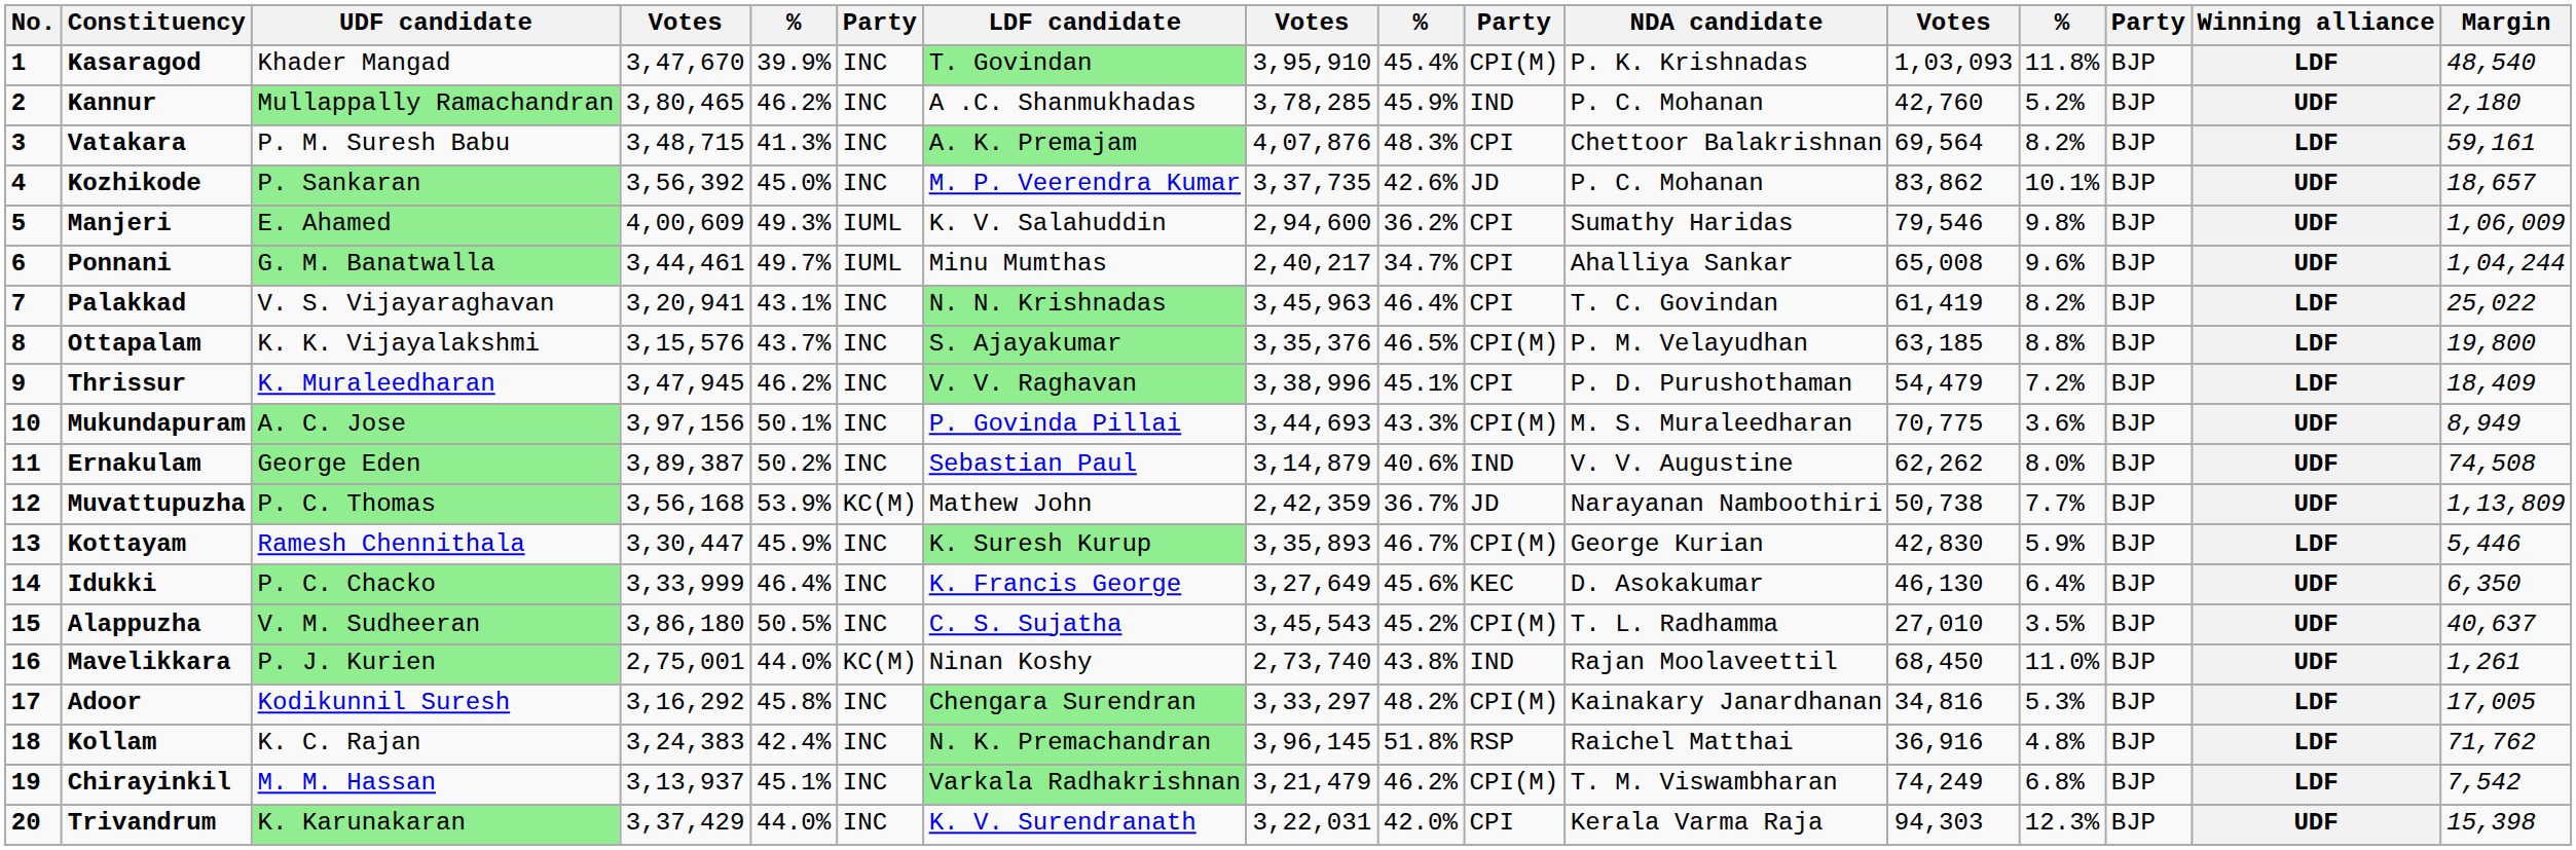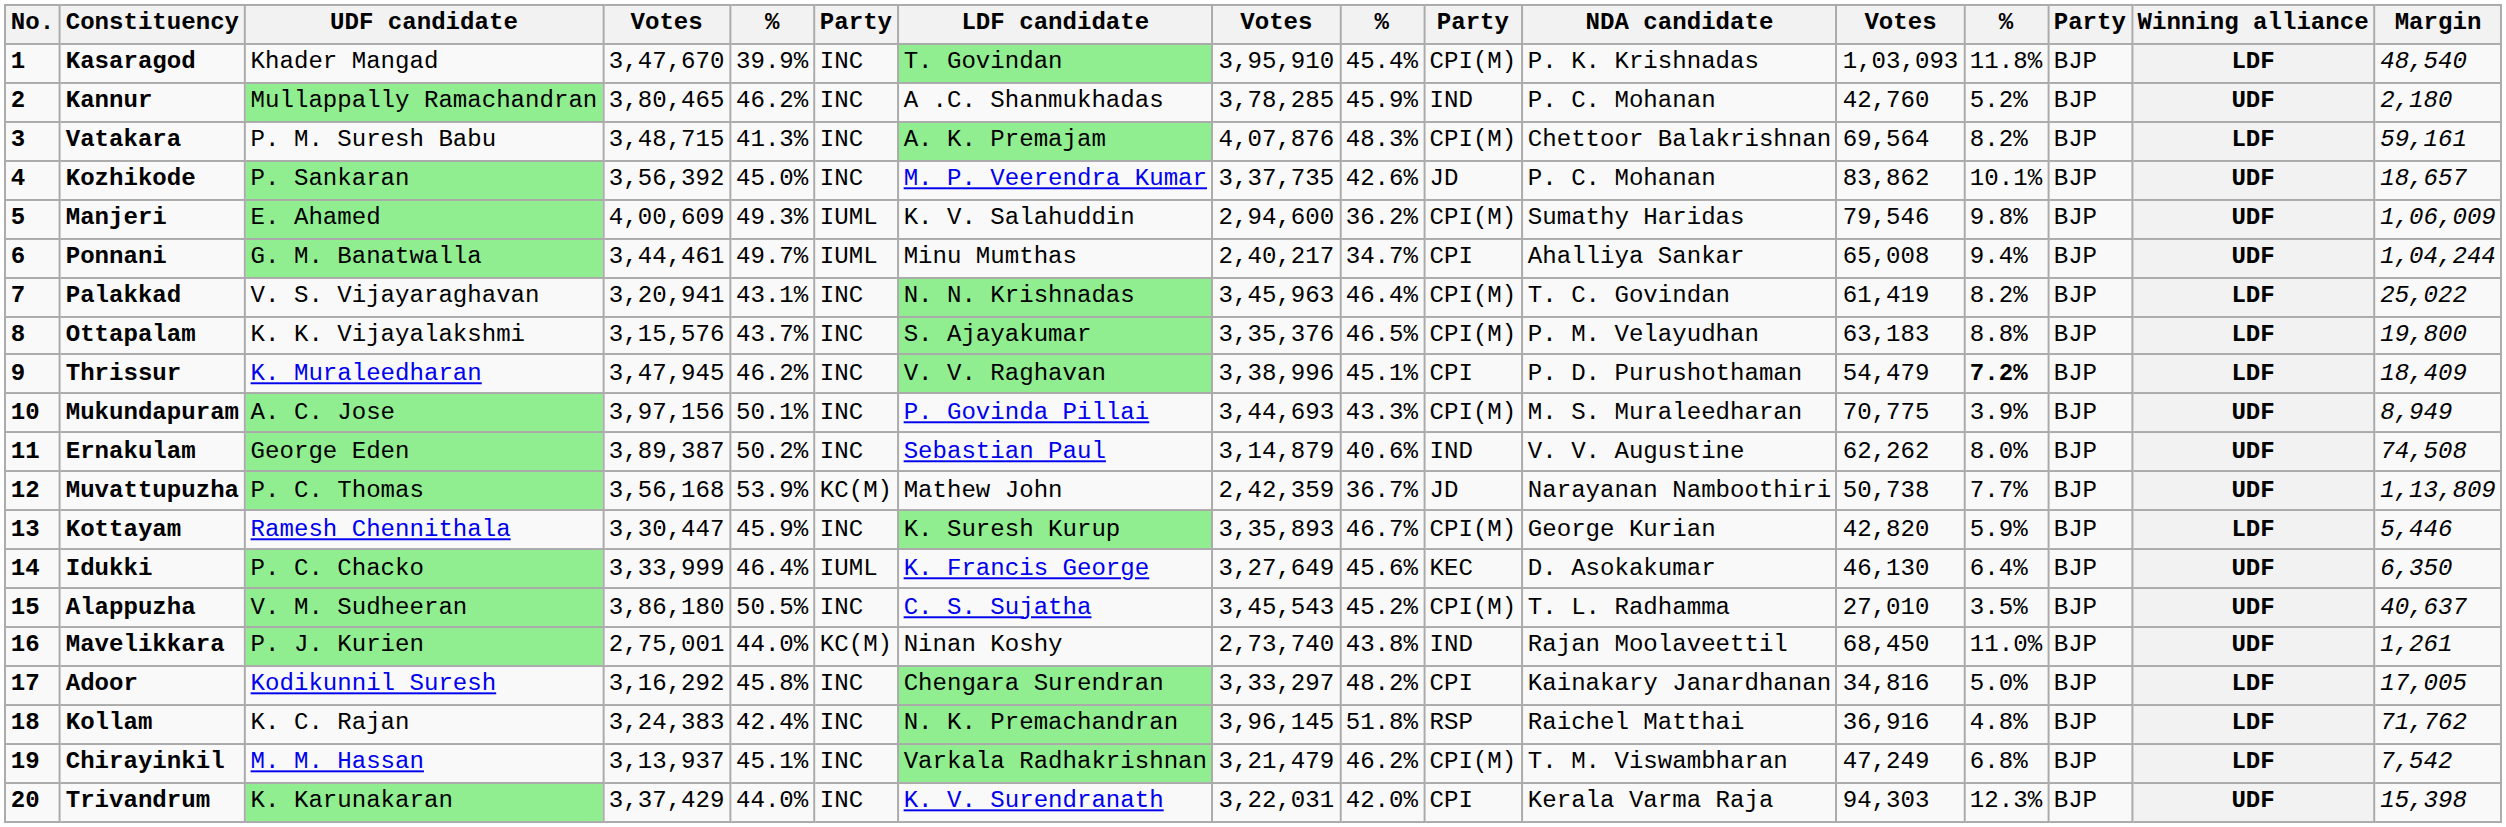 <table class="wikitable sortable" style="font-size:95%;">
 <tr>
 <th>No.</th>
 <th>Constituency</th>
 <th>UDF candidate</th>
 <th>Votes</th>
 <th>%</th>
 <th>Party</th>
 <th>LDF candidate</th>
 <th>Votes</th>
 <th>%</th>
 <th>Party</th>
 <th>NDA candidate</th>
 <th>Votes</th>
 <th>%</th>
 <th>Party</th>
 <th>Winning alliance</th>
 <th>Margin</th>
 </tr>
 <tr>
 <td><strong>1</strong></td>
 <td><strong>Kasaragod</strong></td>
 <td>Khader Mangad</td>
 <td>3,47,670</td>
 <td>39.9%</td>
 <td>INC</td>
 <td style="background:lightgreen;">T. Govindan</td>
 <td>3,95,910</td>
 <td>45.4%</td>
 <td>CPI(M)</td>
 <td>P. K. Krishnadas</td>
 <td>1,03,093</td>
 <td>11.8%</td>
 <td>BJP</td>
 <th style="background:">LDF</th>
 <td><em>48,540</em></td>
 </tr>
 <tr>
 <td><strong>2</strong></td>
 <td><strong>Kannur</strong></td>
 <td style="background:lightgreen;">Mullappally Ramachandran</td>
 <td>3,80,465</td>
 <td>46.2%</td>
 <td>INC</td>
 <td>A .C. Shanmukhadas</td>
 <td>3,78,285</td>
 <td>45.9%</td>
 <td>IND</td>
 <td>P. C. Mohanan</td>
 <td>42,760</td>
 <td>5.2%</td>
 <td>BJP</td>
 <th style="background:">UDF</th>
 <td><em>2,180</em></td>
 </tr>
 <tr>
 <td><strong>3</strong></td>
 <td><strong>Vatakara</strong></td>
 <td>P. M. Suresh Babu</td>
 <td>3,48,715</td>
 <td>41.3%</td>
 <td>INC</td>
 <td style="background:lightgreen;">A. K. Premajam</td>
 <td>4,07,876</td>
 <td>48.3%</td>
-<td>CPI</td>
+<td>CPI(M)</td>
 <td>Chettoor Balakrishnan</td>
 <td>69,564</td>
 <td>8.2%</td>
 <td>BJP</td>
 <th style="background:">LDF</th>
 <td><em>59,161</em></td>
 </tr>
 <tr>
 <td><strong>4</strong></td>
 <td><strong>Kozhikode</strong></td>
 <td style="background:lightgreen;">P. Sankaran</td>
 <td>3,56,392</td>
 <td>45.0%</td>
 <td>INC</td>
 <td><a href='#'>M. P. Veerendra Kumar</a></td>
 <td>3,37,735</td>
 <td>42.6%</td>
 <td>JD</td>
 <td>P. C. Mohanan</td>
 <td>83,862</td>
 <td>10.1%</td>
 <td>BJP</td>
 <th style="background:">UDF</th>
 <td><em>18,657</em></td>
 </tr>
 <tr>
 <td><strong>5</strong></td>
 <td><strong>Manjeri</strong></td>
 <td style="background:lightgreen;">E. Ahamed</td>
 <td>4,00,609</td>
 <td>49.3%</td>
 <td>IUML</td>
 <td>K. V. Salahuddin</td>
 <td>2,94,600</td>
 <td>36.2%</td>
-<td>CPI</td>
+<td>CPI(M)</td>
 <td>Sumathy Haridas</td>
 <td>79,546</td>
 <td>9.8%</td>
 <td>BJP</td>
 <th style="background:">UDF</th>
 <td><em>1,06,009</em></td>
 </tr>
 <tr>
 <td><strong>6</strong></td>
 <td><strong>Ponnani</strong></td>
 <td style="background:lightgreen;">G. M. Banatwalla</td>
 <td>3,44,461</td>
 <td>49.7%</td>
 <td>IUML</td>
 <td>Minu Mumthas</td>
 <td>2,40,217</td>
 <td>34.7%</td>
 <td>CPI</td>
 <td>Ahalliya Sankar</td>
 <td>65,008</td>
-<td>9.6%</td>
+<td>9.4%</td>
 <td>BJP</td>
 <th style="background:">UDF</th>
 <td><em>1,04,244</em></td>
 </tr>
 <tr>
 <td><strong>7</strong></td>
 <td><strong>Palakkad</strong></td>
 <td>V. S. Vijayaraghavan</td>
 <td>3,20,941</td>
 <td>43.1%</td>
 <td>INC</td>
 <td style="background:lightgreen;">N. N. Krishnadas</td>
 <td>3,45,963</td>
 <td>46.4%</td>
-<td>CPI</td>
+<td>CPI(M)</td>
 <td>T. C. Govindan</td>
 <td>61,419</td>
 <td>8.2%</td>
 <td>BJP</td>
 <th style="background:">LDF</th>
 <td><em>25,022</em></td>
 </tr>
 <tr>
 <td><strong>8</strong></td>
 <td><strong>Ottapalam</strong></td>
 <td>K. K. Vijayalakshmi</td>
 <td>3,15,576</td>
 <td>43.7%</td>
 <td>INC</td>
 <td style="background:lightgreen;">S. Ajayakumar</td>
 <td>3,35,376</td>
 <td>46.5%</td>
 <td>CPI(M)</td>
 <td>P. M. Velayudhan</td>
-<td>63,185</td>
+<td>63,183</td>
 <td>8.8%</td>
 <td>BJP</td>
 <th style="background:">LDF</th>
 <td><em>19,800</em></td>
 </tr>
 <tr>
 <td><strong>9</strong></td>
 <td><strong>Thrissur</strong></td>
 <td><a href='#'>K. Muraleedharan</a></td>
 <td>3,47,945</td>
 <td>46.2%</td>
 <td>INC</td>
 <td style="background:lightgreen;">V. V. Raghavan</td>
 <td>3,38,996</td>
 <td>45.1%</td>
 <td>CPI</td>
 <td>P. D. Purushothaman</td>
 <td>54,479</td>
-<td>7.2%</td>
+<td><strong>7.2%</strong></td>
 <td>BJP</td>
 <th style="background:">LDF</th>
 <td><em>18,409</em></td>
 </tr>
 <tr>
 <td><strong>10</strong></td>
 <td><strong>Mukundapuram</strong></td>
 <td style="background:lightgreen;">A. C. Jose</td>
 <td>3,97,156</td>
 <td>50.1%</td>
 <td>INC</td>
 <td><a href='#'>P. Govinda Pillai</a></td>
 <td>3,44,693</td>
 <td>43.3%</td>
 <td>CPI(M)</td>
 <td>M. S. Muraleedharan</td>
 <td>70,775</td>
-<td>3.6%</td>
+<td>3.9%</td>
 <td>BJP</td>
 <th style="background:">UDF</th>
 <td><em>8,949</em></td>
 </tr>
 <tr>
 <td><strong>11</strong></td>
 <td><strong>Ernakulam</strong></td>
 <td style="background:lightgreen;">George Eden</td>
 <td>3,89,387</td>
 <td>50.2%</td>
 <td>INC</td>
 <td><a href='#'>Sebastian Paul</a></td>
 <td>3,14,879</td>
 <td>40.6%</td>
 <td>IND</td>
 <td>V. V. Augustine</td>
 <td>62,262</td>
 <td>8.0%</td>
 <td>BJP</td>
 <th style="background:">UDF</th>
 <td><em>74,508</em></td>
 </tr>
 <tr>
 <td><strong>12</strong></td>
 <td><strong>Muvattupuzha</strong></td>
 <td style="background:lightgreen;">P. C. Thomas</td>
 <td>3,56,168</td>
 <td>53.9%</td>
 <td>KC(M)</td>
 <td>Mathew John</td>
 <td>2,42,359</td>
 <td>36.7%</td>
 <td>JD</td>
 <td>Narayanan Namboothiri</td>
 <td>50,738</td>
 <td>7.7%</td>
 <td>BJP</td>
 <th style="background:">UDF</th>
 <td><em>1,13,809</em></td>
 </tr>
 <tr>
 <td><strong>13</strong></td>
 <td><strong>Kottayam</strong></td>
 <td><a href='#'>Ramesh Chennithala</a></td>
 <td>3,30,447</td>
 <td>45.9%</td>
 <td>INC</td>
 <td style="background:lightgreen;">K. Suresh Kurup</td>
 <td>3,35,893</td>
 <td>46.7%</td>
 <td>CPI(M)</td>
 <td>George Kurian</td>
-<td>42,830</td>
+<td>42,820</td>
 <td>5.9%</td>
 <td>BJP</td>
 <th style="background:">LDF</th>
 <td><em>5,446</em></td>
 </tr>
 <tr>
 <td><strong>14</strong></td>
 <td><strong>Idukki</strong></td>
 <td style="background:lightgreen;">P. C. Chacko</td>
 <td>3,33,999</td>
 <td>46.4%</td>
-<td>INC</td>
+<td>IUML</td>
 <td><a href='#'>K. Francis George</a></td>
 <td>3,27,649</td>
 <td>45.6%</td>
 <td>KEC</td>
 <td>D. Asokakumar</td>
 <td>46,130</td>
 <td>6.4%</td>
 <td>BJP</td>
 <th style="background:">UDF</th>
 <td><em>6,350</em></td>
 </tr>
 <tr>
 <td><strong>15</strong></td>
 <td><strong>Alappuzha</strong></td>
 <td style="background:lightgreen;">V. M. Sudheeran</td>
 <td>3,86,180</td>
 <td>50.5%</td>
 <td>INC</td>
 <td><a href='#'>C. S. Sujatha</a></td>
 <td>3,45,543</td>
 <td>45.2%</td>
 <td>CPI(M)</td>
 <td>T. L. Radhamma</td>
 <td>27,010</td>
 <td>3.5%</td>
 <td>BJP</td>
 <th style="background:">UDF</th>
 <td><em>40,637</em></td>
 </tr>
 <tr>
 <td><strong>16</strong></td>
 <td><strong>Mavelikkara</strong></td>
 <td style="background:lightgreen;">P. J. Kurien</td>
 <td>2,75,001</td>
 <td>44.0%</td>
 <td>KC(M)</td>
 <td>Ninan Koshy</td>
 <td>2,73,740</td>
 <td>43.8%</td>
 <td>IND</td>
 <td>Rajan Moolaveettil</td>
 <td>68,450</td>
 <td>11.0%</td>
 <td>BJP</td>
 <th style="background:">UDF</th>
 <td><em>1,261</em></td>
 </tr>
 <tr>
 <td><strong>17</strong></td>
 <td><strong>Adoor</strong></td>
 <td><a href='#'>Kodikunnil Suresh</a></td>
 <td>3,16,292</td>
 <td>45.8%</td>
 <td>INC</td>
 <td style="background:lightgreen;">Chengara Surendran</td>
 <td>3,33,297</td>
 <td>48.2%</td>
-<td>CPI(M)</td>
+<td>CPI</td>
 <td>Kainakary Janardhanan</td>
 <td>34,816</td>
-<td>5.3%</td>
+<td>5.0%</td>
 <td>BJP</td>
 <th style="background:">LDF</th>
 <td><em>17,005</em></td>
 </tr>
 <tr>
 <td><strong>18</strong></td>
 <td><strong>Kollam</strong></td>
 <td>K. C. Rajan</td>
 <td>3,24,383</td>
 <td>42.4%</td>
 <td>INC</td>
 <td style="background:lightgreen;">N. K. Premachandran</td>
 <td>3,96,145</td>
 <td>51.8%</td>
 <td>RSP</td>
 <td>Raichel Matthai</td>
 <td>36,916</td>
 <td>4.8%</td>
 <td>BJP</td>
 <th style="background:">LDF</th>
 <td><em>71,762</em></td>
 </tr>
 <tr>
 <td><strong>19</strong></td>
 <td><strong>Chirayinkil</strong></td>
 <td><a href='#'>M. M. Hassan</a></td>
 <td>3,13,937</td>
 <td>45.1%</td>
 <td>INC</td>
 <td style="background:lightgreen;">Varkala Radhakrishnan</td>
 <td>3,21,479</td>
 <td>46.2%</td>
 <td>CPI(M)</td>
 <td>T. M. Viswambharan</td>
-<td>74,249</td>
+<td>47,249</td>
 <td>6.8%</td>
 <td>BJP</td>
 <th style="background:">LDF</th>
 <td><em>7,542</em></td>
 </tr>
 <tr>
 <td><strong>20</strong></td>
 <td><strong>Trivandrum</strong></td>
 <td style="background:lightgreen;">K. Karunakaran</td>
 <td>3,37,429</td>
 <td>44.0%</td>
 <td>INC</td>
 <td><a href='#'>K. V. Surendranath</a></td>
 <td>3,22,031</td>
 <td>42.0%</td>
 <td>CPI</td>
 <td>Kerala Varma Raja</td>
 <td>94,303</td>
 <td>12.3%</td>
 <td>BJP</td>
 <th style="background:">UDF</th>
 <td><em>15,398</em></td>
 </tr>
 </table>
